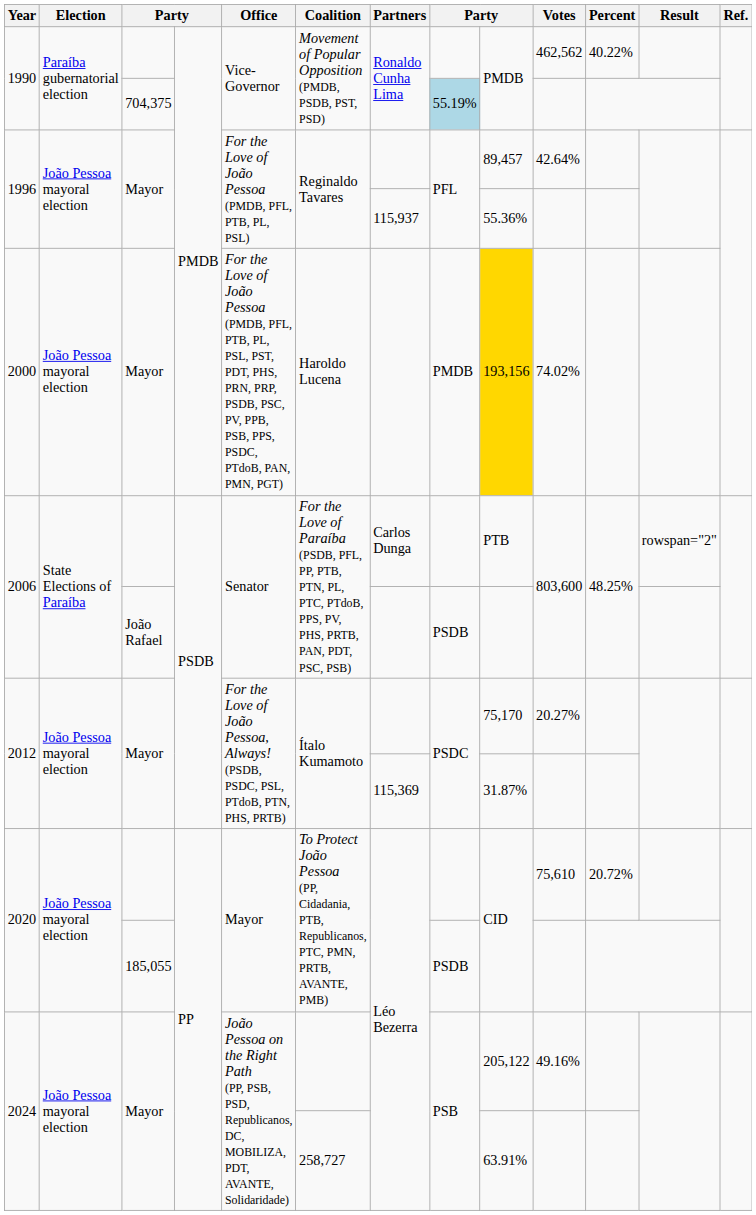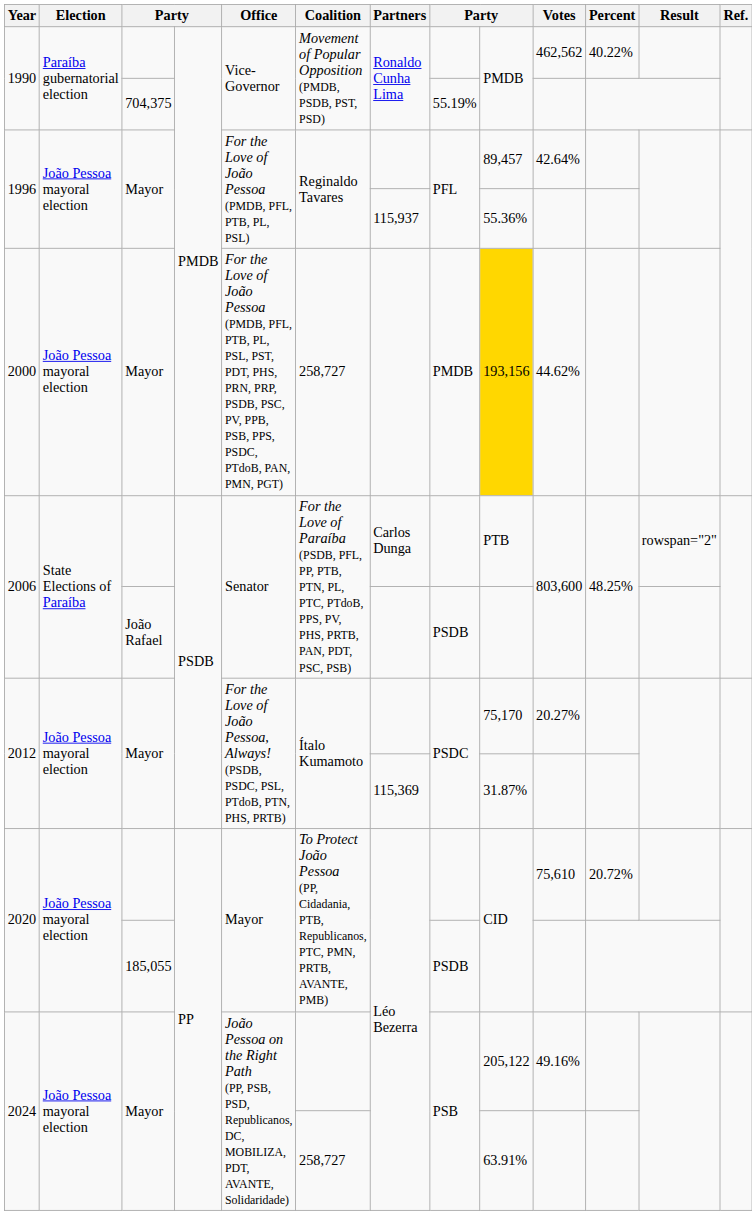 <table class="wikitable">
 <tr>
 <th>Year</th>
 <th>Election</th>
 <th colspan="2">Party</th>
 <th>Office</th>
 <th>Coalition</th>
 <th>Partners</th>
 <th colspan="2">Party</th>
 <th>Votes</th>
 <th>Percent</th>
 <th>Result</th>
 <th>Ref.</th>
 </tr>
 <tr>
 <td rowspan="2">1990</td>
 <td rowspan="2"><a href='#'>Paraíba</a> gubernatorial election</td>
 <td style="background-color:"></td>
 <td rowspan="5">PMDB</td>
 <td rowspan="2">Vice-Governor</td>
 <td rowspan="2"><em>Movement of Popular Opposition</em><br><small>(PMDB, PSDB, PST, PSD)</small></td>
 <td rowspan="2"><a href='#'>Ronaldo Cunha Lima</a></td>
 <td style="background-color:"></td>
 <td rowspan="2">PMDB</td>
 <td>462,562</td>
 <td>40.22%</td>
 <td></td>
 <td rowspan="2"></td>
 </tr>
 <tr>
 <td>704,375</td>
-<td style="background: lightblue;">55.19%</td>
+<td>55.19%</td>
 <td></td>
 </tr>
 <tr>
 <td rowspan="2">1996</td>
 <td rowspan="2"><a href='#'>João Pessoa</a> mayoral election</td>
 <td rowspan="2">Mayor</td>
 <td rowspan="2"><em>For the Love of João Pessoa</em><br><small>(PMDB, PFL, PTB, PL, PSL)</small></td>
 <td rowspan="2">Reginaldo Tavares</td>
 <td style="background-color:"></td>
 <td rowspan="2">PFL</td>
 <td>89,457</td>
 <td>42.64%</td>
 <td></td>
 <td rowspan="2"></td>
 </tr>
 <tr>
 <td>115,937</td>
 <td>55.36%</td>
 <td></td>
 </tr>
 <tr>
 <td>2000</td>
 <td><a href='#'>João Pessoa</a> mayoral election</td>
 <td>Mayor</td>
 <td><em>For the Love of João Pessoa</em><br><small>(PMDB, PFL, PTB, PL, PSL, PST, PDT, PHS, PRN, PRP, PSDB, PSC, PV, PPB, PSB, PPS, PSDC, PTdoB, PAN, PMN, PGT)</small></td>
-<td>Haroldo Lucena</td>
+<td>258,727</td>
 <td style="background-color:"></td>
 <td>PMDB</td>
 <td style="background: gold;">193,156</td>
-<td>74.02%</td>
+<td>44.62%</td>
 <td></td>
 <td></td>
 </tr>
 <tr>
 <td rowspan="2">2006</td>
 <td rowspan="2">State Elections of <a href='#'>Paraíba</a></td>
 <td style="background-color:"></td>
 <td rowspan="4">PSDB</td>
 <td rowspan="2">Senator</td>
 <td rowspan="2"><em>For the Love of Paraíba</em><br><small>(PSDB, PFL, PP, PTB, PTN, PL, PTC, PTdoB, PPS, PV, PHS, PRTB, PAN, PDT, PSC, PSB)</small></td>
 <td>Carlos Dunga</td>
 <td style="background-color:"></td>
 <td>PTB</td>
 <td rowspan="2">803,600</td>
 <td rowspan="2">48.25%</td>
 <td>rowspan="2"  </td>
 <td rowspan="2"></td>
 </tr>
 <tr>
 <td>João Rafael</td>
 <td style="background-color:"></td>
 <td>PSDB</td>
 </tr>
 <tr>
 <td rowspan="2">2012</td>
 <td rowspan="2"><a href='#'>João Pessoa</a> mayoral election</td>
 <td rowspan="2">Mayor</td>
 <td rowspan="2"><em>For the Love of João Pessoa, Always!</em><br><small>(PSDB, PSDC, PSL, PTdoB, PTN, PHS, PRTB)</small></td>
 <td rowspan="2">Ítalo Kumamoto</td>
 <td style="background-color:"></td>
 <td rowspan="2">PSDC</td>
 <td>75,170</td>
 <td>20.27%</td>
 <td></td>
 <td rowspan="2"></td>
 </tr>
 <tr>
 <td>115,369</td>
 <td>31.87%</td>
 <td></td>
 </tr>
 <tr>
 <td rowspan="2">2020</td>
 <td rowspan="2"><a href='#'>João Pessoa</a> mayoral election</td>
 <td style="background-color:"></td>
 <td rowspan="4">PP</td>
 <td rowspan="2">Mayor</td>
 <td rowspan="2"><em>To Protect João Pessoa</em><br><small>(PP, Cidadania, PTB, Republicanos, PTC, PMN, PRTB, AVANTE, PMB)</small></td>
 <td rowspan="4">Léo Bezerra</td>
 <td style="background-color:"></td>
 <td rowspan="2">CID</td>
 <td>75,610</td>
 <td>20.72%</td>
 <td></td>
 <td rowspan="2"></td>
 </tr>
 <tr>
 <td>185,055</td>
 <td>PSDB</td>
 <td></td>
 </tr>
 <tr>
 <td rowspan="2">2024</td>
 <td rowspan="2"><a href='#'>João Pessoa</a> mayoral election</td>
 <td rowspan="2">Mayor</td>
 <td rowspan="2"><em>João Pessoa on the Right Path</em><br><small>(PP, PSB, PSD, Republicanos, DC, MOBILIZA, PDT, AVANTE, Solidaridade)</small></td>
 <td style="background-color:"></td>
 <td rowspan="2">PSB</td>
 <td>205,122</td>
 <td>49.16%</td>
 <td></td>
 <td rowspan="2"></td>
 </tr>
 <tr>
 <td>258,727</td>
 <td>63.91%</td>
 <td></td>
 </tr>
 </table>
